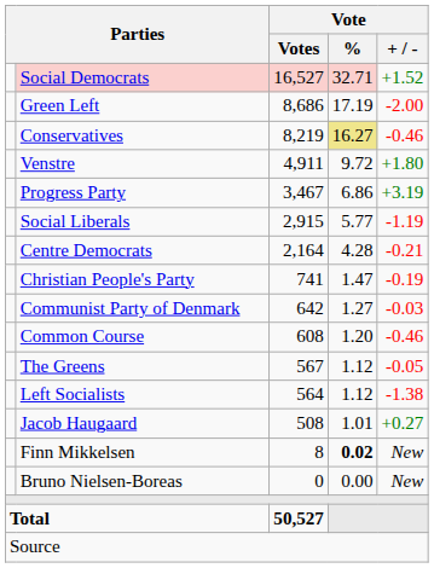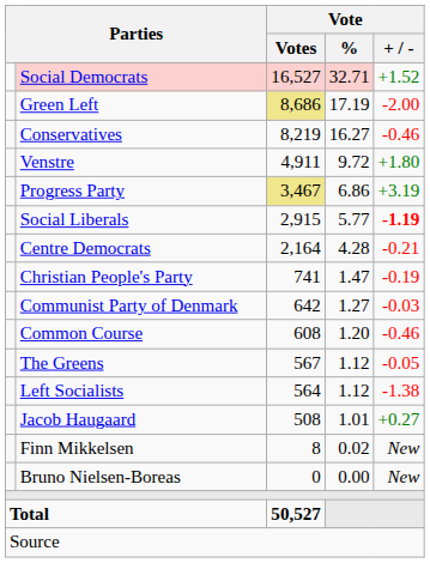 <table class="wikitable" style="text-align:right;">
 <tr>
 <th style="text-align:centre;" rowspan="2" colspan="2" width="225">Parties</th>
 <th colspan="3">Vote</th>
 </tr>
 <tr>
 <th width="15">Votes</th>
 <th width="15">%</th>
 <th width="15">+ / -</th>
 </tr>
 <tr>
 <td width="2" style="color:inherit;background:"></td>
 <td bgcolor=#fbd0ce  align="left"><a href='#'>Social Democrats</a></td>
 <td bgcolor=#fbd0ce>16,527</td>
 <td bgcolor=#fbd0ce>32.71</td>
 <td style=color:green;>+1.52</td>
 </tr>
 <tr>
 <td width="2" style="color:inherit;background:"></td>
 <td align="left"><a href='#'>Green Left</a></td>
-<td>8,686</td>
+<td style="background: khaki;">8,686</td>
 <td>17.19</td>
 <td style=color:red;>-2.00</td>
 </tr>
 <tr>
 <td width="2" style="color:inherit;background:"></td>
 <td align="left"><a href='#'>Conservatives</a></td>
 <td>8,219</td>
-<td style="background: khaki;">16.27</td>
+<td>16.27</td>
 <td style=color:red;>-0.46</td>
 </tr>
 <tr>
 <td width="2" style="color:inherit;background:"></td>
 <td align="left"><a href='#'>Venstre</a></td>
 <td>4,911</td>
 <td>9.72</td>
 <td style=color:green;>+1.80</td>
 </tr>
 <tr>
 <td width="2" style="color:inherit;background:"></td>
 <td align="left"><a href='#'>Progress Party</a></td>
-<td>3,467</td>
+<td style="background: khaki;">3,467</td>
 <td>6.86</td>
 <td style=color:green;>+3.19</td>
 </tr>
 <tr>
 <td width="2" style="color:inherit;background:"></td>
 <td align="left"><a href='#'>Social Liberals</a></td>
 <td>2,915</td>
 <td>5.77</td>
-<td style=color:red;>-1.19</td>
+<td style=color:red;><strong>-1.19</strong></td>
 </tr>
 <tr>
 <td width="2" style="color:inherit;background:"></td>
 <td align="left"><a href='#'>Centre Democrats</a></td>
 <td>2,164</td>
 <td>4.28</td>
 <td style=color:red;>-0.21</td>
 </tr>
 <tr>
 <td width="2" style="color:inherit;background:"></td>
 <td align="left"><a href='#'>Christian People's Party</a></td>
 <td>741</td>
 <td>1.47</td>
 <td style=color:red;>-0.19</td>
 </tr>
 <tr>
 <td width="2" style="color:inherit;background:"></td>
 <td align="left"><a href='#'>Communist Party of Denmark</a></td>
 <td>642</td>
 <td>1.27</td>
 <td style=color:red;>-0.03</td>
 </tr>
 <tr>
 <td width="2" style="color:inherit;background:"></td>
 <td align="left"><a href='#'>Common Course</a></td>
 <td>608</td>
 <td>1.20</td>
 <td style=color:red;>-0.46</td>
 </tr>
 <tr>
 <td width="2" style="color:inherit;background:"></td>
 <td align="left"><a href='#'>The Greens</a></td>
 <td>567</td>
 <td>1.12</td>
 <td style=color:red;>-0.05</td>
 </tr>
 <tr>
 <td width="2" style="color:inherit;background:"></td>
 <td align="left"><a href='#'>Left Socialists</a></td>
 <td>564</td>
 <td>1.12</td>
 <td style=color:red;>-1.38</td>
 </tr>
 <tr>
 <td width="2" style="color:inherit;background:"></td>
 <td align="left"><a href='#'>Jacob Haugaard</a></td>
 <td>508</td>
 <td>1.01</td>
 <td style=color:green;>+0.27</td>
 </tr>
 <tr>
 <td width="2" style="color:inherit;background:"></td>
 <td align="left">Finn Mikkelsen</td>
 <td>8</td>
-<td><strong>0.02</strong></td>
+<td>0.02</td>
 <td><em>New</em></td>
 </tr>
 <tr>
 <td width="2" style="color:inherit;background:"></td>
 <td align="left">Bruno Nielsen-Boreas</td>
 <td>0</td>
 <td>0.00</td>
 <td><em>New</em></td>
 </tr>
 <tr>
 <td colspan="7" bgcolor="#E9E9E9"></td>
 </tr>
 <tr>
 <td align="left" colspan="2"><strong>Total</strong></td>
 <td><strong>50,527</strong></td>
 <td bgcolor="#E9E9E9" colspan="2"></td>
 </tr>
 <tr>
 <td align="left" colspan="6">Source</td>
 </tr>
 </table>
